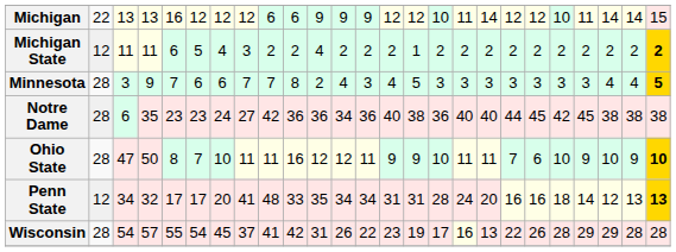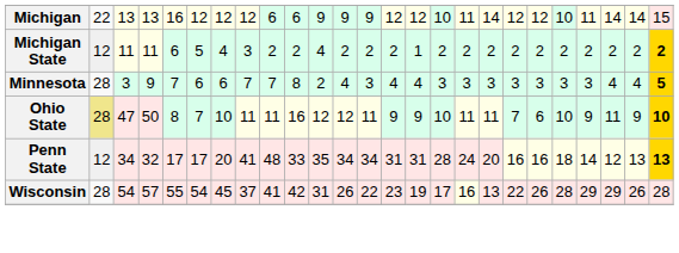 <table class="wikitable sortable" style="text-align: center;">
 <tr>
 </tr>
 <tr>
 <th>Michigan</th>
 <td>22</td>
 <td bgcolor=FFFFE6>13</td>
 <td bgcolor=FFFFE6>13</td>
 <td bgcolor=FFFFE6>16</td>
 <td bgcolor=FFFFE6>12</td>
 <td bgcolor=FFFFE6>12</td>
 <td bgcolor=FFFFE6>12</td>
 <td bgcolor=D8FFEB>6</td>
 <td bgcolor=D8FFEB>6</td>
 <td bgcolor=D8FFEB>9</td>
 <td bgcolor=D8FFEB>9</td>
 <td bgcolor=D8FFEB>9</td>
 <td bgcolor=FFFFE6>12</td>
 <td bgcolor=FFFFE6>12</td>
 <td bgcolor=D8FFEB>10</td>
 <td bgcolor=FFFFE6>11</td>
 <td bgcolor=FFFFE6>14</td>
 <td bgcolor=FFFFE6>12</td>
 <td bgcolor=FFFFE6>12</td>
 <td bgcolor=D8FFEB>10</td>
 <td bgcolor=FFFFE6>11</td>
 <td bgcolor=FFFFE6>14</td>
 <td bgcolor=FFFFE6>14</td>
 <td bgcolor=FFE6E6>15</td>
 </tr>
 <tr bgcolor=f0f0f0>
 <th>Michigan State</th>
 <td>12</td>
 <td bgcolor=FFFFE6>11</td>
 <td bgcolor=FFFFE6>11</td>
 <td bgcolor=D8FFEB>6</td>
 <td bgcolor=D8FFEB>5</td>
 <td bgcolor=D8FFEB>4</td>
 <td bgcolor=D8FFEB>3</td>
 <td bgcolor=D8FFEB>2</td>
 <td bgcolor=D8FFEB>2</td>
 <td bgcolor=D8FFEB>4</td>
 <td bgcolor=D8FFEB>2</td>
 <td bgcolor=D8FFEB>2</td>
 <td bgcolor=D8FFEB>2</td>
 <td bgcolor=D8FFEB>1</td>
 <td bgcolor=D8FFEB>2</td>
 <td bgcolor=D8FFEB>2</td>
 <td bgcolor=D8FFEB>2</td>
 <td bgcolor=D8FFEB>2</td>
 <td bgcolor=D8FFEB>2</td>
 <td bgcolor=D8FFEB>2</td>
 <td bgcolor=D8FFEB>2</td>
 <td bgcolor=D8FFEB>2</td>
 <td bgcolor=D8FFEB>2</td>
 <td bgcolor=gold><strong>2</strong></td>
 </tr>
 <tr>
 <th>Minnesota</th>
 <td>28</td>
 <td bgcolor=D8FFEB>3</td>
 <td bgcolor=D8FFEB>9</td>
 <td bgcolor=D8FFEB>7</td>
 <td bgcolor=D8FFEB>6</td>
 <td bgcolor=D8FFEB>6</td>
 <td bgcolor=D8FFEB>7</td>
 <td bgcolor=D8FFEB>7</td>
 <td bgcolor=D8FFEB>8</td>
 <td bgcolor=D8FFEB>2</td>
 <td bgcolor=D8FFEB>4</td>
 <td bgcolor=D8FFEB>3</td>
 <td bgcolor=D8FFEB>4</td>
-<td bgcolor=D8FFEB>5</td>
+<td bgcolor=D8FFEB>4</td>
 <td bgcolor=D8FFEB>3</td>
 <td bgcolor=D8FFEB>3</td>
 <td bgcolor=D8FFEB>3</td>
 <td bgcolor=D8FFEB>3</td>
 <td bgcolor=D8FFEB>3</td>
 <td bgcolor=D8FFEB>3</td>
 <td bgcolor=D8FFEB>3</td>
 <td bgcolor=D8FFEB>4</td>
 <td bgcolor=D8FFEB>4</td>
 <td bgcolor=gold><strong>5</strong></td>
 </tr>
-<tr bgcolor=f0f0f0>
-<th>Notre Dame</th>
-<td>28</td>
-<td bgcolor=D8FFEB>6</td>
-<td bgcolor=FFE6E6>35</td>
-<td bgcolor=FFE6E6>23</td>
-<td bgcolor=FFE6E6>23</td>
-<td bgcolor=FFE6E6>24</td>
-<td bgcolor=FFE6E6>27</td>
-<td bgcolor=FFE6E6>42</td>
-<td bgcolor=FFE6E6>36</td>
-<td bgcolor=FFE6E6>36</td>
-<td bgcolor=FFE6E6>34</td>
-<td bgcolor=FFE6E6>36</td>
-<td bgcolor=FFE6E6>40</td>
-<td bgcolor=FFE6E6>38</td>
-<td bgcolor=FFE6E6>36</td>
-<td bgcolor=FFE6E6>40</td>
-<td bgcolor=FFE6E6>40</td>
-<td bgcolor=FFE6E6>44</td>
-<td bgcolor=FFE6E6>45</td>
-<td bgcolor=FFE6E6>42</td>
-<td bgcolor=FFE6E6>45</td>
-<td bgcolor=FFE6E6>38</td>
-<td bgcolor=FFE6E6>38</td>
-<td bgcolor=FFE6E6>38</td>
-</tr>
 <tr>
 <th>Ohio State</th>
-<td>28</td>
+<td style="background: khaki;">28</td>
 <td bgcolor=FFE6E6>47</td>
 <td bgcolor=FFE6E6>50</td>
 <td bgcolor=D8FFEB>8</td>
 <td bgcolor=D8FFEB>7</td>
 <td bgcolor=D8FFEB>10</td>
 <td bgcolor=FFFFE6>11</td>
 <td bgcolor=FFFFE6>11</td>
 <td bgcolor=FFFFE6>16</td>
 <td bgcolor=FFFFE6>12</td>
 <td bgcolor=FFFFE6>12</td>
 <td bgcolor=FFFFE6>11</td>
 <td bgcolor=D8FFEB>9</td>
 <td bgcolor=D8FFEB>9</td>
 <td bgcolor=D8FFEB>10</td>
 <td bgcolor=FFFFE6>11</td>
 <td bgcolor=FFFFE6>11</td>
 <td bgcolor=D8FFEB>7</td>
 <td bgcolor=D8FFEB>6</td>
 <td bgcolor=D8FFEB>10</td>
 <td bgcolor=D8FFEB>9</td>
-<td bgcolor=D8FFEB>10</td>
+<td bgcolor=D8FFEB>11</td>
 <td bgcolor=D8FFEB>9</td>
 <td bgcolor=gold><strong>10</strong></td>
 </tr>
 <tr bgcolor=f0f0f0>
 <th>Penn State</th>
 <td>12</td>
 <td bgcolor=FFE6E6>34</td>
 <td bgcolor=FFE6E6>32</td>
 <td bgcolor=FFE6E6>17</td>
 <td bgcolor=FFE6E6>17</td>
 <td bgcolor=FFE6E6>20</td>
 <td bgcolor=FFE6E6>41</td>
 <td bgcolor=FFE6E6>48</td>
 <td bgcolor=FFE6E6>33</td>
 <td bgcolor=FFE6E6>35</td>
 <td bgcolor=FFE6E6>34</td>
 <td bgcolor=FFE6E6>34</td>
 <td bgcolor=FFE6E6>31</td>
 <td bgcolor=FFE6E6>31</td>
 <td bgcolor=FFE6E6>28</td>
 <td bgcolor=FFE6E6>24</td>
 <td bgcolor=FFE6E6>20</td>
 <td bgcolor=FFFFE6>16</td>
 <td bgcolor=FFFFE6>16</td>
 <td bgcolor=FFFFE6>18</td>
 <td bgcolor=FFFFE6>14</td>
 <td bgcolor=FFFFE6>12</td>
 <td bgcolor=FFFFE6>13</td>
 <td bgcolor=gold><strong>13</strong></td>
 </tr>
 <tr>
 <th>Wisconsin</th>
 <td>28</td>
 <td bgcolor=FFE6E6>54</td>
 <td bgcolor=FFE6E6>57</td>
 <td bgcolor=FFE6E6>55</td>
 <td bgcolor=FFE6E6>54</td>
 <td bgcolor=FFE6E6>45</td>
 <td bgcolor=FFE6E6>37</td>
 <td bgcolor=FFE6E6>41</td>
 <td bgcolor=FFE6E6>42</td>
 <td bgcolor=FFE6E6>31</td>
 <td bgcolor=FFE6E6>26</td>
 <td bgcolor=FFE6E6>22</td>
 <td bgcolor=FFE6E6>23</td>
 <td bgcolor=FFE6E6>19</td>
 <td bgcolor=FFE6E6>17</td>
 <td bgcolor=FFFFE6>16</td>
 <td bgcolor=FFE6E6>13</td>
 <td bgcolor=FFE6E6>22</td>
 <td bgcolor=FFE6E6>26</td>
 <td bgcolor=FFE6E6>28</td>
 <td bgcolor=FFE6E6>29</td>
 <td bgcolor=FFE6E6>29</td>
-<td bgcolor=FFE6E6>28</td>
+<td bgcolor=FFE6E6>26</td>
 <td bgcolor=FFE6E6>28</td>
 </tr>
 <tr>
 </tr>
 </table>
